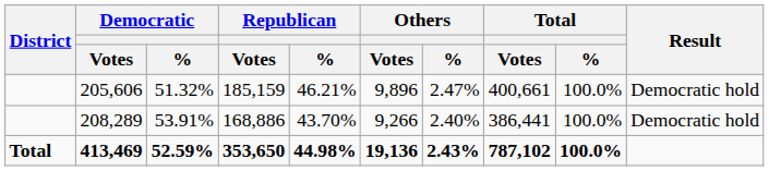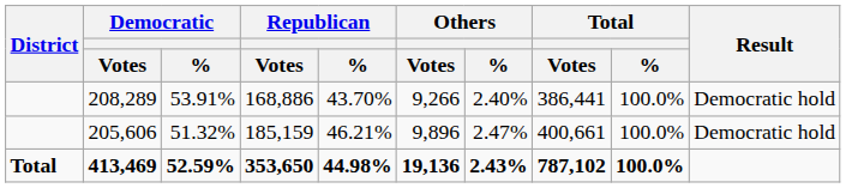 <table class="wikitable plainrowheaders sortable" style="font-size:100%; text-align:right;">
 <tr>
 <th scope=col rowspan=3><a href='#'>District</a></th>
 <th scope=col colspan=2><a href='#'>Democratic</a></th>
 <th scope=col colspan=2><a href='#'>Republican</a></th>
 <th scope=col colspan=2>Others</th>
 <th scope=col colspan=2>Total</th>
 <th scope=col rowspan=3>Result</th>
 </tr>
 <tr>
 <th scope=col colspan=2 style="background:"></th>
 <th scope=col colspan=2 style="background:"></th>
 <th scope=col colspan=2></th>
 <th scope=col colspan=2></th>
 </tr>
 <tr>
 <th scope=col data-sort-type="number">Votes</th>
 <th scope=col data-sort-type="number">%</th>
 <th scope=col data-sort-type="number">Votes</th>
 <th scope=col data-sort-type="number">%</th>
 <th scope=col data-sort-type="number">Votes</th>
 <th scope=col data-sort-type="number">%</th>
 <th scope=col data-sort-type="number">Votes</th>
 <th scope=col data-sort-type="number">%</th>
 </tr>
 <tr>
 <td align=left></td>
+<td>208,289</td>
+<td>53.91%</td>
+<td>168,886</td>
+<td>43.70%</td>
+<td>9,266</td>
+<td>2.40%</td>
+<td>386,441</td>
+<td>100.0%</td>
+<td align=left>Democratic hold</td>
+</tr>
+<tr>
+<td align=left></td>
 <td>205,606</td>
 <td>51.32%</td>
 <td>185,159</td>
 <td>46.21%</td>
 <td>9,896</td>
 <td>2.47%</td>
 <td>400,661</td>
-<td>100.0%</td>
-<td align=left>Democratic hold</td>
-</tr>
-<tr>
-<td align=left></td>
-<td>208,289</td>
-<td>53.91%</td>
-<td>168,886</td>
-<td>43.70%</td>
-<td>9,266</td>
-<td>2.40%</td>
-<td>386,441</td>
 <td>100.0%</td>
 <td align=left>Democratic hold</td>
 </tr>
 <tr class="sortbottom" style="font-weight:bold">
 <td align=left>Total</td>
 <td>413,469</td>
 <td>52.59%</td>
 <td>353,650</td>
 <td>44.98%</td>
 <td>19,136</td>
 <td>2.43%</td>
 <td>787,102</td>
 <td>100.0%</td>
 <td></td>
 </tr>
 </table>
